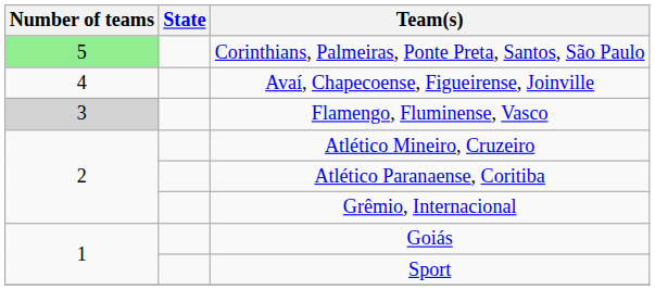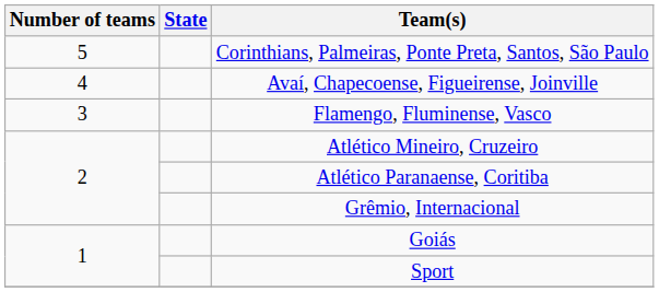 <table class="wikitable" style="text-align:center">
 <tr>
 <th>Number of teams</th>
 <th><a href='#'>State</a></th>
 <th>Team(s)</th>
 </tr>
 <tr>
-<td rowspan="1" style="background: lightgreen;">5</td>
+<td rowspan="1">5</td>
 <td align="left"></td>
 <td><a href='#'>Corinthians</a>, <a href='#'>Palmeiras</a>, <a href='#'>Ponte Preta</a>, <a href='#'>Santos</a>, <a href='#'>São Paulo</a></td>
 </tr>
 <tr>
 <td rowspan="1">4</td>
 <td align="left"></td>
 <td><a href='#'>Avaí</a>, <a href='#'>Chapecoense</a>, <a href='#'>Figueirense</a>, <a href='#'>Joinville</a></td>
 </tr>
 <tr>
-<td rowspan="1" style="background: lightgrey;">3</td>
+<td rowspan="1">3</td>
 <td align="left"></td>
 <td><a href='#'>Flamengo</a>, <a href='#'>Fluminense</a>, <a href='#'>Vasco</a></td>
 </tr>
 <tr>
 <td rowspan="3">2</td>
 <td align="left"></td>
 <td><a href='#'>Atlético Mineiro</a>, <a href='#'>Cruzeiro</a></td>
 </tr>
 <tr>
 <td align="left"></td>
 <td><a href='#'>Atlético Paranaense</a>, <a href='#'>Coritiba</a></td>
 </tr>
 <tr>
 <td align="left"></td>
 <td><a href='#'>Grêmio</a>, <a href='#'>Internacional</a></td>
 </tr>
 <tr>
 <td rowspan="2">1</td>
 <td align="left"></td>
 <td><a href='#'>Goiás</a></td>
 </tr>
 <tr>
 <td align="left"></td>
 <td><a href='#'>Sport</a></td>
 </tr>
 <tr>
 </tr>
 </table>
